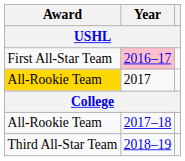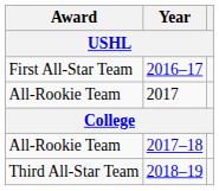 <table class="wikitable">
 <tr>
 <th>Award</th>
 <th>Year</th>
 <th></th>
 </tr>
 <tr ALIGN="center" bgcolor="#e0e0e0">
 <th colspan="3"><a href='#'>USHL</a></th>
 </tr>
 <tr>
 <td>First All-Star Team</td>
-<td style="background: pink;"><a href='#'>2016–17</a></td>
+<td><a href='#'>2016–17</a></td>
 <td></td>
 </tr>
 <tr>
-<td style="background: gold;">All-Rookie Team</td>
+<td>All-Rookie Team</td>
 <td>2017</td>
 <td></td>
 </tr>
 <tr ALIGN="center" bgcolor="#e0e0e0">
 <th colspan="3"><a href='#'>College</a></th>
 </tr>
 <tr>
 <td>All-Rookie Team</td>
 <td><a href='#'>2017–18</a></td>
 <td></td>
 </tr>
 <tr>
 <td>Third All-Star Team</td>
 <td><a href='#'>2018–19</a></td>
 <td></td>
 </tr>
 </table>
